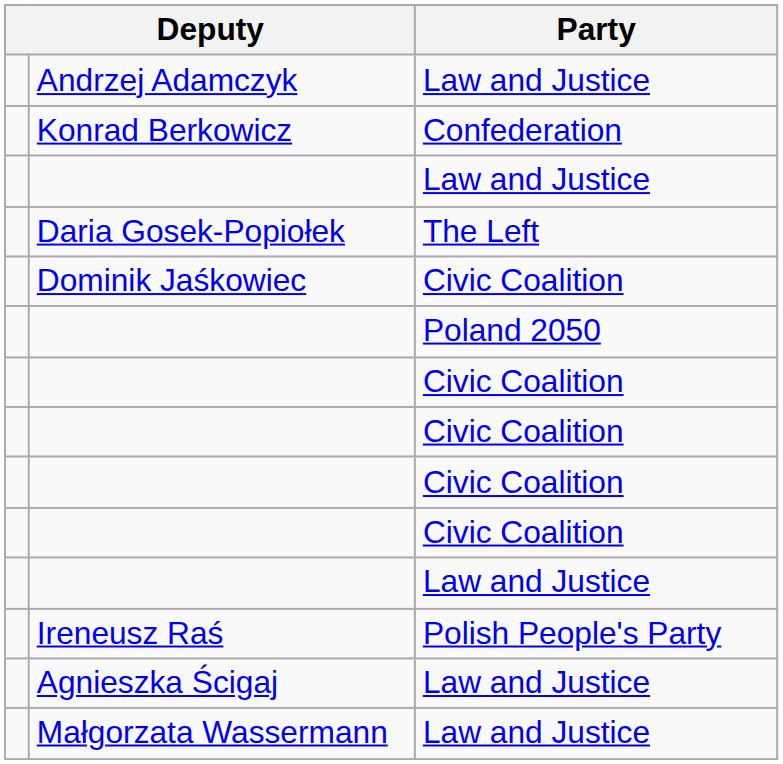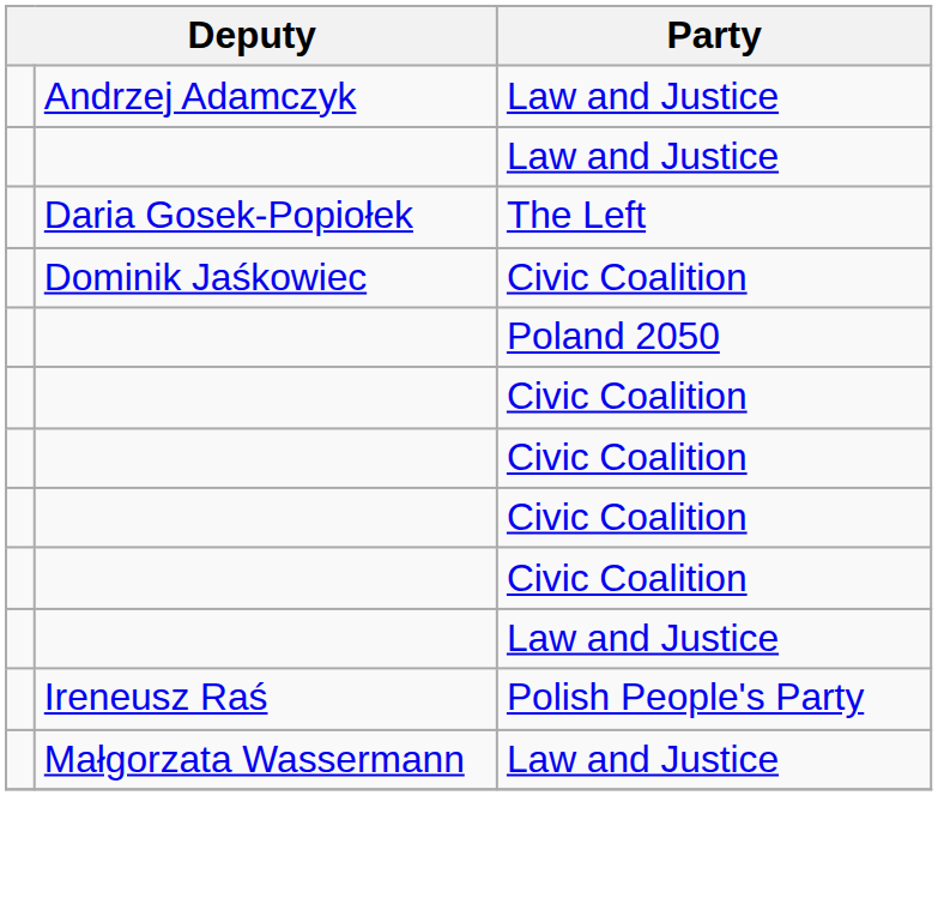 <table class="wikitable">
 <tr>
 <th width=200px colspan=2>Deputy</th>
 <th width=175px>Party</th>
 </tr>
 <tr>
 <td width=5px style="background-color: "></td>
 <td><a href='#'>Andrzej Adamczyk</a></td>
 <td><a href='#'>Law and Justice</a></td>
-</tr>
-<tr>
-<td style="background-color: "></td>
-<td><a href='#'>Konrad Berkowicz</a></td>
-<td><a href='#'>Confederation</a></td>
 </tr>
 <tr>
 <td style="background-color: "></td>
 <td></td>
 <td><a href='#'>Law and Justice</a></td>
 </tr>
 <tr>
 <td style="background-color: "></td>
 <td><a href='#'>Daria Gosek-Popiołek</a></td>
 <td><a href='#'>The Left</a></td>
 </tr>
 <tr>
 <td style="background-color: "></td>
 <td><a href='#'>Dominik Jaśkowiec</a></td>
 <td><a href='#'>Civic Coalition</a></td>
 </tr>
 <tr>
 <td style="background-color: "></td>
 <td></td>
 <td><a href='#'>Poland 2050</a></td>
 </tr>
 <tr>
 <td style="background-color: "></td>
 <td></td>
 <td><a href='#'>Civic Coalition</a></td>
 </tr>
 <tr>
 <td style="background-color: "></td>
 <td></td>
 <td><a href='#'>Civic Coalition</a></td>
 </tr>
 <tr>
 <td style="background-color: "></td>
 <td></td>
 <td><a href='#'>Civic Coalition</a></td>
 </tr>
 <tr>
 <td style="background-color: "></td>
 <td></td>
 <td><a href='#'>Civic Coalition</a></td>
 </tr>
 <tr>
 <td style="background-color: "></td>
 <td></td>
 <td><a href='#'>Law and Justice</a></td>
 </tr>
 <tr>
 <td style="background-color: "></td>
 <td><a href='#'>Ireneusz Raś</a></td>
 <td><a href='#'>Polish People's Party</a></td>
 </tr>
 <tr>
 <td style="background-color: "></td>
-<td><a href='#'>Agnieszka Ścigaj</a></td>
-<td><a href='#'>Law and Justice</a></td>
-</tr>
-<tr>
-<td style="background-color: "></td>
 <td><a href='#'>Małgorzata Wassermann</a></td>
 <td><a href='#'>Law and Justice</a></td>
 </tr>
 <tr>
 </tr>
 </table>
